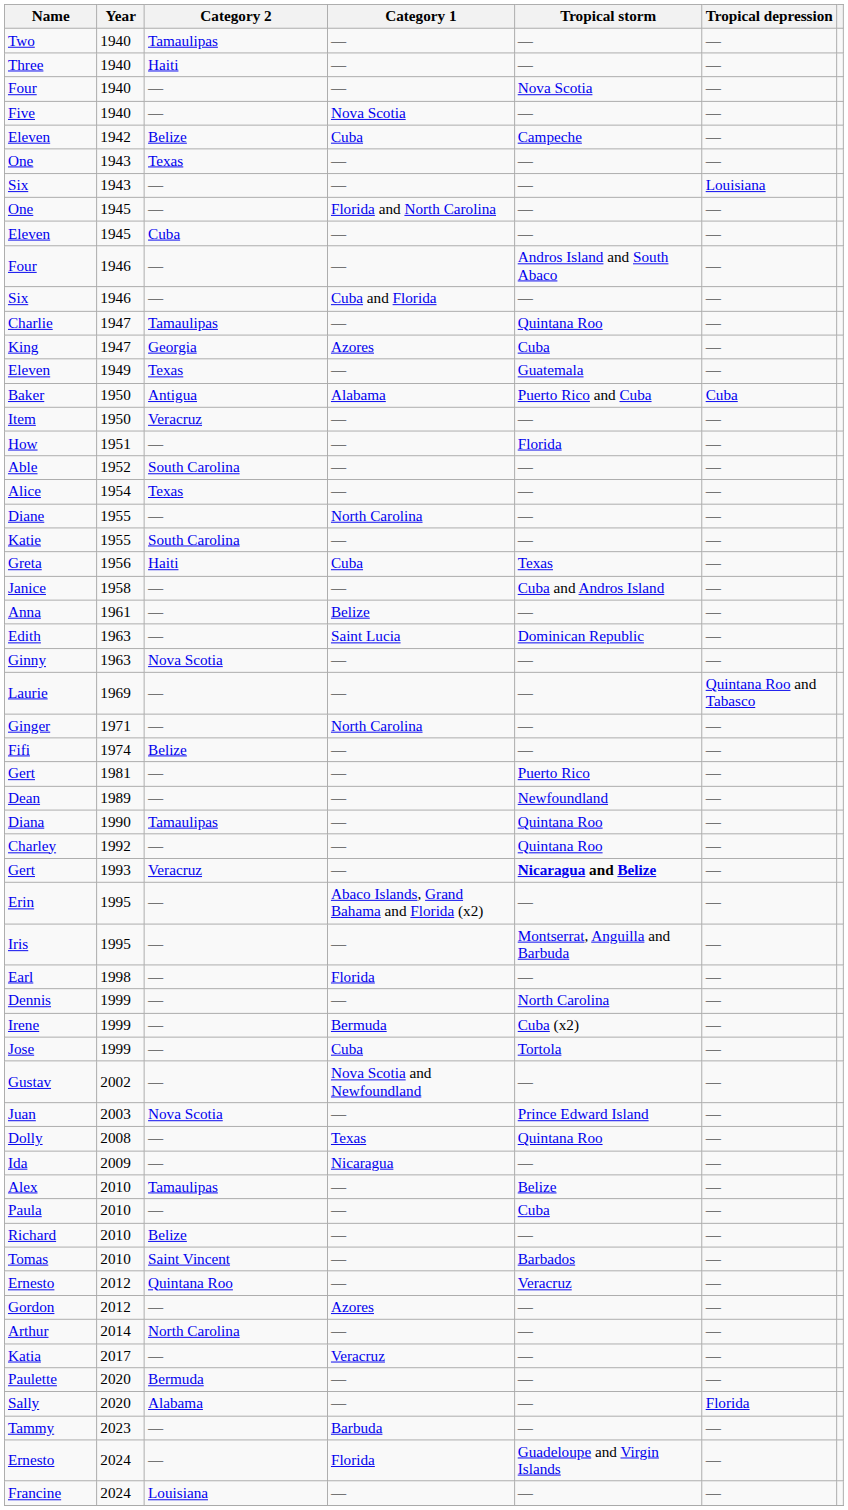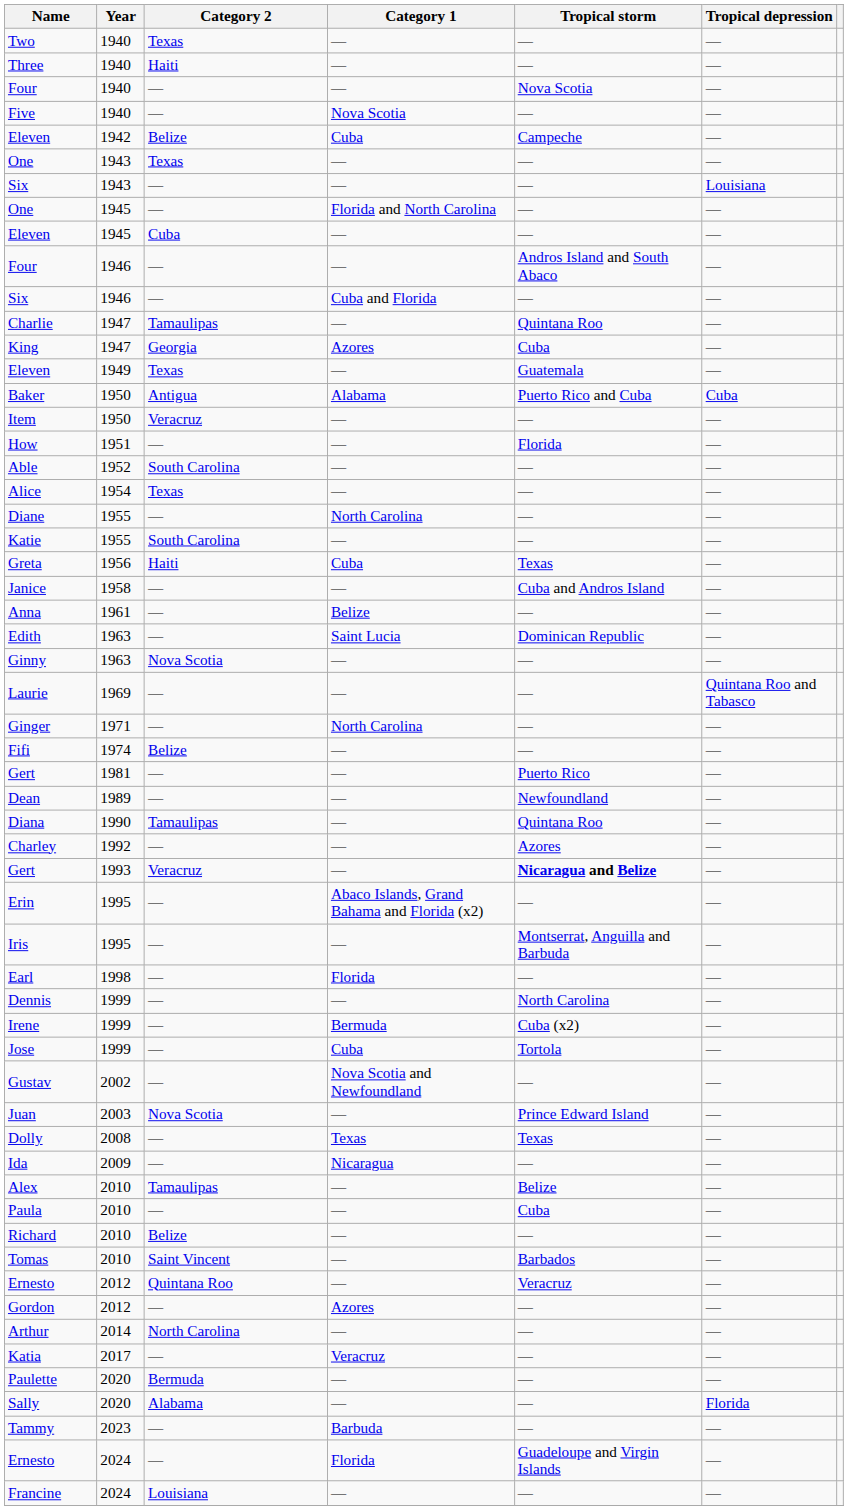 <table class="wikitable sortable" width="100%">
 <tr>
 <th scope="col" width="12%">Name</th>
 <th scope="col" width="6%">Year</th>
 <th scope="col" width="25%" style="background: #">Category 2</th>
 <th scope="col" width="25%" style="background: #">Category 1</th>
 <th scope="col" width="25%" style="background: #">Tropical storm</th>
 <th scope="col" width="25%" style="background: #">Tropical depression</th>
 <th scope="col" width="7%" class="unsortable"></th>
 </tr>
 <tr>
 <td><a href='#'>Two</a></td>
 <td>1940</td>
-<td><a href='#'>Tamaulipas</a></td>
+<td><a href='#'>Texas</a></td>
 <td>—</td>
 <td>—</td>
 <td>—</td>
 <td></td>
 </tr>
 <tr>
 <td><a href='#'>Three</a></td>
 <td>1940</td>
 <td><a href='#'>Haiti</a></td>
 <td>—</td>
 <td>—</td>
 <td>—</td>
 <td></td>
 </tr>
 <tr>
 <td><a href='#'>Four</a></td>
 <td>1940</td>
 <td>—</td>
 <td>—</td>
 <td><a href='#'>Nova Scotia</a></td>
 <td>—</td>
 <td></td>
 </tr>
 <tr>
 <td><a href='#'>Five</a></td>
 <td>1940</td>
 <td>—</td>
 <td><a href='#'>Nova Scotia</a></td>
 <td>—</td>
 <td>—</td>
 <td></td>
 </tr>
 <tr>
 <td><a href='#'>Eleven</a></td>
 <td>1942</td>
 <td><a href='#'>Belize</a></td>
 <td><a href='#'>Cuba</a></td>
 <td><a href='#'>Campeche</a></td>
 <td>—</td>
 <td></td>
 </tr>
 <tr>
 <td><a href='#'>One</a></td>
 <td>1943</td>
 <td><a href='#'>Texas</a></td>
 <td>—</td>
 <td>—</td>
 <td>—</td>
 <td></td>
 </tr>
 <tr>
 <td><a href='#'>Six</a></td>
 <td>1943</td>
 <td>—</td>
 <td>—</td>
 <td>—</td>
 <td><a href='#'>Louisiana</a></td>
 <td></td>
 </tr>
 <tr>
 <td><a href='#'>One</a></td>
 <td>1945</td>
 <td>—</td>
 <td><a href='#'>Florida</a> and <a href='#'>North Carolina</a></td>
 <td>—</td>
 <td>—</td>
 <td></td>
 </tr>
 <tr>
 <td><a href='#'>Eleven</a></td>
 <td>1945</td>
 <td><a href='#'>Cuba</a></td>
 <td>—</td>
 <td>—</td>
 <td>—</td>
 <td></td>
 </tr>
 <tr>
 <td><a href='#'>Four</a></td>
 <td>1946</td>
 <td>—</td>
 <td>—</td>
 <td><a href='#'>Andros Island</a> and <a href='#'>South Abaco</a></td>
 <td>—</td>
 <td></td>
 </tr>
 <tr>
 <td><a href='#'>Six</a></td>
 <td>1946</td>
 <td>—</td>
 <td><a href='#'>Cuba</a> and <a href='#'>Florida</a></td>
 <td>—</td>
 <td>—</td>
 <td></td>
 </tr>
 <tr>
 <td><a href='#'>Charlie</a></td>
 <td>1947</td>
 <td><a href='#'>Tamaulipas</a></td>
 <td>—</td>
 <td><a href='#'>Quintana Roo</a></td>
 <td>—</td>
 <td></td>
 </tr>
 <tr>
 <td><a href='#'>King</a></td>
 <td>1947</td>
 <td><a href='#'>Georgia</a></td>
 <td><a href='#'>Azores</a></td>
 <td><a href='#'>Cuba</a></td>
 <td>—</td>
 <td></td>
 </tr>
 <tr>
 <td><a href='#'>Eleven</a></td>
 <td>1949</td>
 <td><a href='#'>Texas</a></td>
 <td>—</td>
 <td><a href='#'>Guatemala</a></td>
 <td>—</td>
 <td></td>
 </tr>
 <tr>
 <td><a href='#'>Baker</a></td>
 <td>1950</td>
 <td><a href='#'>Antigua</a></td>
 <td><a href='#'>Alabama</a></td>
 <td><a href='#'>Puerto Rico</a> and <a href='#'>Cuba</a></td>
 <td><a href='#'>Cuba</a></td>
 <td></td>
 </tr>
 <tr>
 <td><a href='#'>Item</a></td>
 <td>1950</td>
 <td><a href='#'>Veracruz</a></td>
 <td>—</td>
 <td>—</td>
 <td>—</td>
 <td></td>
 </tr>
 <tr>
 <td><a href='#'>How</a></td>
 <td>1951</td>
 <td>—</td>
 <td>—</td>
 <td><a href='#'>Florida</a></td>
 <td>—</td>
 <td></td>
 </tr>
 <tr>
 <td><a href='#'>Able</a></td>
 <td>1952</td>
 <td><a href='#'>South Carolina</a></td>
 <td>—</td>
 <td>—</td>
 <td>—</td>
 <td></td>
 </tr>
 <tr>
 <td><a href='#'>Alice</a></td>
 <td>1954</td>
 <td><a href='#'>Texas</a></td>
 <td>—</td>
 <td>—</td>
 <td>—</td>
 <td></td>
 </tr>
 <tr>
 <td><a href='#'>Diane</a></td>
 <td>1955</td>
 <td>—</td>
 <td><a href='#'>North Carolina</a></td>
 <td>—</td>
 <td>—</td>
 <td></td>
 </tr>
 <tr>
 <td><a href='#'>Katie</a></td>
 <td>1955</td>
 <td><a href='#'>South Carolina</a></td>
 <td>—</td>
 <td>—</td>
 <td>—</td>
 <td></td>
 </tr>
 <tr>
 <td><a href='#'>Greta</a></td>
 <td>1956</td>
 <td><a href='#'>Haiti</a></td>
 <td><a href='#'>Cuba</a></td>
 <td><a href='#'>Texas</a></td>
 <td>—</td>
 <td></td>
 </tr>
 <tr>
 <td><a href='#'>Janice</a></td>
 <td>1958</td>
 <td>—</td>
 <td>—</td>
 <td><a href='#'>Cuba</a> and <a href='#'>Andros Island</a></td>
 <td>—</td>
 <td></td>
 </tr>
 <tr>
 <td><a href='#'>Anna</a></td>
 <td>1961</td>
 <td>—</td>
 <td><a href='#'>Belize</a></td>
 <td>—</td>
 <td>—</td>
 <td></td>
 </tr>
 <tr>
 <td><a href='#'>Edith</a></td>
 <td>1963</td>
 <td>—</td>
 <td><a href='#'>Saint Lucia</a></td>
 <td><a href='#'>Dominican Republic</a></td>
 <td>—</td>
 <td></td>
 </tr>
 <tr>
 <td><a href='#'>Ginny</a></td>
 <td>1963</td>
 <td><a href='#'>Nova Scotia</a></td>
 <td>—</td>
 <td>—</td>
 <td>—</td>
 <td></td>
 </tr>
 <tr>
 <td><a href='#'>Laurie</a></td>
 <td>1969</td>
 <td>—</td>
 <td>—</td>
 <td>—</td>
 <td><a href='#'>Quintana Roo</a> and <a href='#'>Tabasco</a></td>
 <td></td>
 </tr>
 <tr>
 <td><a href='#'>Ginger</a></td>
 <td>1971</td>
 <td>—</td>
 <td><a href='#'>North Carolina</a></td>
 <td>—</td>
 <td>—</td>
 <td></td>
 </tr>
 <tr>
 <td><a href='#'>Fifi</a></td>
 <td>1974</td>
 <td><a href='#'>Belize</a></td>
 <td>—</td>
 <td>—</td>
 <td>—</td>
 <td></td>
 </tr>
 <tr>
 <td><a href='#'>Gert</a></td>
 <td>1981</td>
 <td>—</td>
 <td>—</td>
 <td><a href='#'>Puerto Rico</a></td>
 <td>—</td>
 <td></td>
 </tr>
 <tr>
 <td><a href='#'>Dean</a></td>
 <td>1989</td>
 <td>—</td>
 <td>—</td>
 <td><a href='#'>Newfoundland</a></td>
 <td>—</td>
 <td></td>
 </tr>
 <tr>
 <td><a href='#'>Diana</a></td>
 <td>1990</td>
 <td><a href='#'>Tamaulipas</a></td>
 <td>—</td>
 <td><a href='#'>Quintana Roo</a></td>
 <td>—</td>
 <td></td>
 </tr>
 <tr>
 <td><a href='#'>Charley</a></td>
 <td>1992</td>
 <td>—</td>
 <td>—</td>
-<td><a href='#'>Quintana Roo</a></td>
+<td><a href='#'>Azores</a></td>
 <td>—</td>
 <td></td>
 </tr>
 <tr>
 <td><a href='#'>Gert</a></td>
 <td>1993</td>
 <td><a href='#'>Veracruz</a></td>
 <td>—</td>
 <td><strong><a href='#'>Nicaragua</a> and <a href='#'>Belize</a></strong></td>
 <td>—</td>
 <td></td>
 </tr>
 <tr>
 <td><a href='#'>Erin</a></td>
 <td>1995</td>
 <td>—</td>
 <td><a href='#'>Abaco Islands</a>, <a href='#'>Grand Bahama</a> and <a href='#'>Florida</a> (x2)</td>
 <td>—</td>
 <td>—</td>
 <td></td>
 </tr>
 <tr>
 <td><a href='#'>Iris</a></td>
 <td>1995</td>
 <td>—</td>
 <td>—</td>
 <td><a href='#'>Montserrat</a>, <a href='#'>Anguilla</a> and <a href='#'>Barbuda</a></td>
 <td>—</td>
 <td></td>
 </tr>
 <tr>
 <td><a href='#'>Earl</a></td>
 <td>1998</td>
 <td>—</td>
 <td><a href='#'>Florida</a></td>
 <td>—</td>
 <td>—</td>
 <td></td>
 </tr>
 <tr>
 <td><a href='#'>Dennis</a></td>
 <td>1999</td>
 <td>—</td>
 <td>—</td>
 <td><a href='#'>North Carolina</a></td>
 <td>—</td>
 <td></td>
 </tr>
 <tr>
 <td><a href='#'>Irene</a></td>
 <td>1999</td>
 <td>—</td>
 <td><a href='#'>Bermuda</a></td>
 <td><a href='#'>Cuba</a> (x2)</td>
 <td>—</td>
 <td></td>
 </tr>
 <tr>
 <td><a href='#'>Jose</a></td>
 <td>1999</td>
 <td>—</td>
 <td><a href='#'>Cuba</a></td>
 <td><a href='#'>Tortola</a></td>
 <td>—</td>
 <td></td>
 </tr>
 <tr>
 <td><a href='#'>Gustav</a></td>
 <td>2002</td>
 <td>—</td>
 <td><a href='#'>Nova Scotia</a> and <a href='#'>Newfoundland</a></td>
 <td>—</td>
 <td>—</td>
 <td></td>
 </tr>
 <tr>
 <td><a href='#'>Juan</a></td>
 <td>2003</td>
 <td><a href='#'>Nova Scotia</a></td>
 <td>—</td>
 <td><a href='#'>Prince Edward Island</a></td>
 <td>—</td>
 <td></td>
 </tr>
 <tr>
 <td><a href='#'>Dolly</a></td>
 <td>2008</td>
 <td>—</td>
 <td><a href='#'>Texas</a></td>
-<td><a href='#'>Quintana Roo</a></td>
+<td><a href='#'>Texas</a></td>
 <td>—</td>
 <td></td>
 </tr>
 <tr>
 <td><a href='#'>Ida</a></td>
 <td>2009</td>
 <td>—</td>
 <td><a href='#'>Nicaragua</a></td>
 <td>—</td>
 <td>—</td>
 <td></td>
 </tr>
 <tr>
 <td><a href='#'>Alex</a></td>
 <td>2010</td>
 <td><a href='#'>Tamaulipas</a></td>
 <td>—</td>
 <td><a href='#'>Belize</a></td>
 <td>—</td>
 <td></td>
 </tr>
 <tr>
 <td><a href='#'>Paula</a></td>
 <td>2010</td>
 <td>—</td>
 <td>—</td>
 <td><a href='#'>Cuba</a></td>
 <td>—</td>
 <td></td>
 </tr>
 <tr>
 <td><a href='#'>Richard</a></td>
 <td>2010</td>
 <td><a href='#'>Belize</a></td>
 <td>—</td>
 <td>—</td>
 <td>—</td>
 <td></td>
 </tr>
 <tr>
 <td><a href='#'>Tomas</a></td>
 <td>2010</td>
 <td><a href='#'>Saint Vincent</a></td>
 <td>—</td>
 <td><a href='#'>Barbados</a></td>
 <td>—</td>
 <td></td>
 </tr>
 <tr>
 <td><a href='#'>Ernesto</a></td>
 <td>2012</td>
 <td><a href='#'>Quintana Roo</a></td>
 <td>—</td>
 <td><a href='#'>Veracruz</a></td>
 <td>—</td>
 <td></td>
 </tr>
 <tr>
 <td><a href='#'>Gordon</a></td>
 <td>2012</td>
 <td>—</td>
 <td><a href='#'>Azores</a></td>
 <td>—</td>
 <td>—</td>
 <td></td>
 </tr>
 <tr>
 <td><a href='#'>Arthur</a></td>
 <td>2014</td>
 <td><a href='#'>North Carolina</a></td>
 <td>—</td>
 <td>—</td>
 <td>—</td>
 <td></td>
 </tr>
 <tr>
 <td><a href='#'>Katia</a></td>
 <td>2017</td>
 <td>—</td>
 <td><a href='#'>Veracruz</a></td>
 <td>—</td>
 <td>—</td>
 <td></td>
 </tr>
 <tr>
 <td><a href='#'>Paulette</a></td>
 <td>2020</td>
 <td><a href='#'>Bermuda</a></td>
 <td>—</td>
 <td>—</td>
 <td>—</td>
 <td></td>
 </tr>
 <tr>
 <td><a href='#'>Sally</a></td>
 <td>2020</td>
 <td><a href='#'>Alabama</a></td>
 <td>—</td>
 <td>—</td>
 <td><a href='#'>Florida</a></td>
 <td></td>
 </tr>
 <tr>
 <td><a href='#'>Tammy</a></td>
 <td>2023</td>
 <td>—</td>
 <td><a href='#'>Barbuda</a></td>
 <td>—</td>
 <td>—</td>
 <td></td>
 </tr>
 <tr>
 <td><a href='#'>Ernesto</a></td>
 <td>2024</td>
 <td>—</td>
 <td><a href='#'>Florida</a></td>
 <td><a href='#'>Guadeloupe</a> and <a href='#'>Virgin Islands</a></td>
 <td>—</td>
 <td></td>
 </tr>
 <tr>
 <td><a href='#'>Francine</a></td>
 <td>2024</td>
 <td><a href='#'>Louisiana</a></td>
 <td>—</td>
 <td>—</td>
 <td>—</td>
 <td></td>
 </tr>
 <tr>
 </tr>
 </table>
